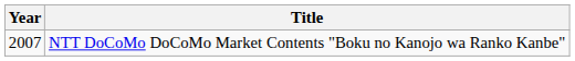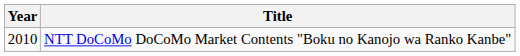 <table class="wikitable">
 <tr>
 <th>Year</th>
 <th>Title</th>
 </tr>
 <tr>
-<td>2007</td>
+<td>2010</td>
 <td><a href='#'>NTT DoCoMo</a> DoCoMo Market Contents "Boku no Kanojo wa Ranko Kanbe"</td>
 </tr>
 </table>
